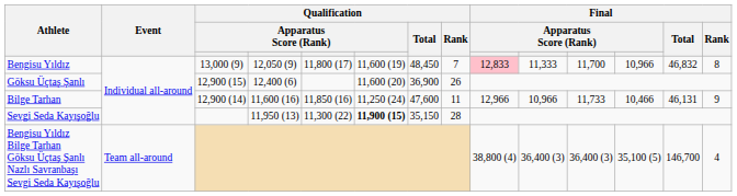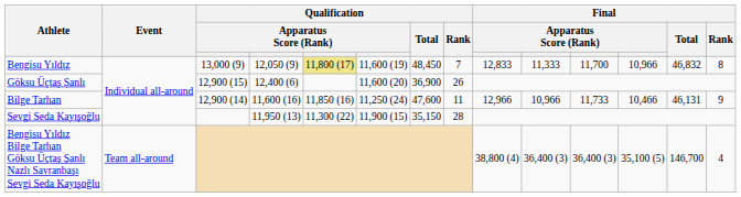 <table class=wikitable style="font-size:90%; text-align:center">
 <tr>
 <th rowspan=3>Athlete</th>
 <th rowspan=3>Event</th>
 <th colspan=6>Qualification</th>
 <th colspan=6>Final</th>
 </tr>
 <tr>
 <th colspan=4>Apparatus<br>Score (Rank)</th>
 <th rowspan=2>Total</th>
 <th rowspan=2>Rank</th>
 <th colspan=4>Apparatus<br>Score (Rank)</th>
 <th rowspan=2>Total</th>
 <th rowspan=2>Rank</th>
 </tr>
 <tr>
 <th></th>
 <th></th>
 <th></th>
 <th></th>
 <th></th>
 <th></th>
 <th></th>
 <th></th>
 </tr>
 <tr>
 <td align=left><a href='#'>Bengisu Yıldız</a></td>
 <td align=left rowspan=4><a href='#'>Individual all-around</a></td>
 <td>13,000 (9)</td>
 <td>12,050 (9)</td>
-<td>11,800 (17)</td>
+<td style="background: khaki;">11,800 (17)</td>
 <td>11,600 (19)</td>
 <td>48,450</td>
 <td>7</td>
-<td style="background: pink;">12,833</td>
+<td>12,833</td>
 <td>11,333</td>
 <td>11,700</td>
 <td>10,966</td>
 <td>46,832</td>
 <td>8</td>
 </tr>
 <tr>
 <td align=left><a href='#'>Göksu Üçtaş Şanlı</a></td>
 <td>12,900 (15)</td>
 <td>12,400 (6)</td>
 <td></td>
 <td>11,600 (20)</td>
 <td>36,900</td>
 <td>26</td>
 <td colspan=6></td>
 </tr>
 <tr>
 <td align=left><a href='#'>Bilge Tarhan</a></td>
 <td>12,900 (14)</td>
 <td>11,600 (16)</td>
 <td>11,850 (16)</td>
 <td>11,250 (24)</td>
 <td>47,600</td>
 <td>11</td>
 <td>12,966</td>
 <td>10,966</td>
 <td>11,733</td>
 <td>10,466</td>
 <td>46,131</td>
 <td>9</td>
 </tr>
 <tr>
 <td align=left><a href='#'>Sevgi Seda Kayışoğlu</a></td>
 <td></td>
 <td>11,950 (13)</td>
 <td>11,300 (22)</td>
-<td><strong>11,900 (15)</strong></td>
+<td>11,900 (15)</td>
 <td>35,150</td>
 <td>28</td>
 <td colspan=6></td>
 </tr>
 <tr>
 <td align=left><a href='#'>Bengisu Yıldız</a><br><a href='#'>Bilge Tarhan</a><br><a href='#'>Göksu Üçtaş Şanlı</a><br><a href='#'>Nazlı Savranbaşı</a><br><a href='#'>Sevgi Seda Kayışoğlu</a></td>
 <td align=left><a href='#'>Team all-around</a></td>
 <td colspan=6 bgcolor=wheat></td>
 <td>38,800 (4)</td>
 <td>36,400 (3)</td>
 <td>36,400 (3)</td>
 <td>35,100 (5)</td>
 <td>146,700</td>
 <td>4</td>
 </tr>
 </table>
